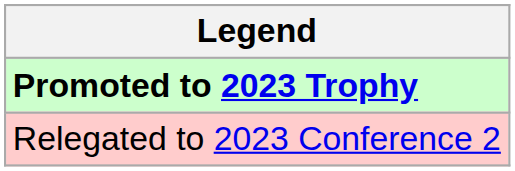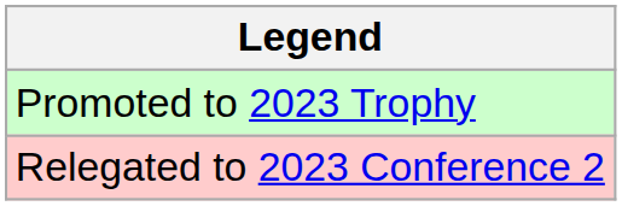 <table class="wikitable">
 <tr>
 <th>Legend</th>
 </tr>
 <tr>
-<td bgcolor="ccffcc"><strong>Promoted to <a href='#'>2023 Trophy</a></strong></td>
+<td bgcolor="ccffcc">Promoted to <a href='#'>2023 Trophy</a></td>
 </tr>
 <tr>
 <td bgcolor="ffcccc">Relegated to <a href='#'>2023 Conference 2</a></td>
 </tr>
 </table>
